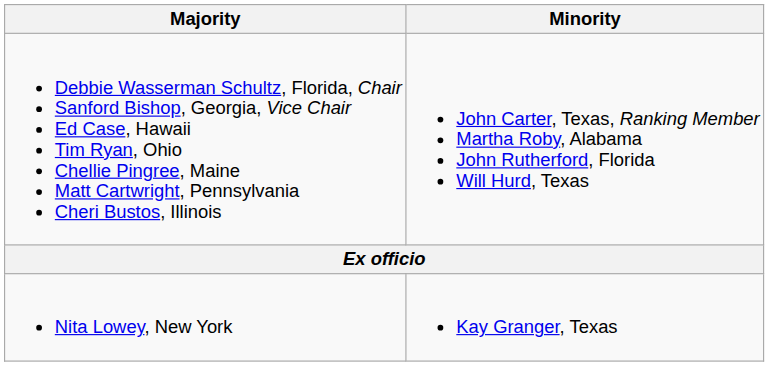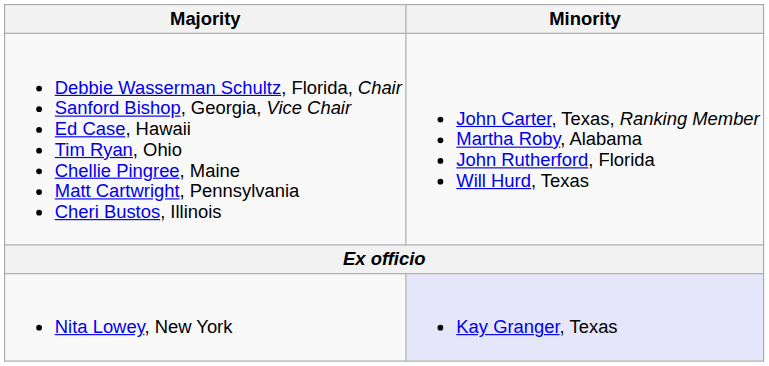 <table class=wikitable>
 <tr>
 <th>Majority</th>
 <th>Minority</th>
 </tr>
 <tr>
 <td><br><ul><li><a href='#'>Debbie Wasserman Schultz</a>, Florida, <em>Chair</em></li><li><a href='#'>Sanford Bishop</a>, Georgia, <em>Vice Chair</em></li><li><a href='#'>Ed Case</a>, Hawaii</li><li><a href='#'>Tim Ryan</a>, Ohio</li><li><a href='#'>Chellie Pingree</a>, Maine</li><li><a href='#'>Matt Cartwright</a>, Pennsylvania</li><li><a href='#'>Cheri Bustos</a>, Illinois</li></ul></td>
 <td><br><ul><li><a href='#'>John Carter</a>, Texas, <em>Ranking Member</em></li><li><a href='#'>Martha Roby</a>, Alabama</li><li><a href='#'>John Rutherford</a>, Florida</li><li><a href='#'>Will Hurd</a>, Texas</li></ul></td>
 </tr>
 <tr>
 <th colspan=2><em>Ex officio</em></th>
 </tr>
 <tr>
 <td><br><ul><li><a href='#'>Nita Lowey</a>, New York</li></ul></td>
-<td><br><ul><li><a href='#'>Kay Granger</a>, Texas</li></ul></td>
+<td style="background: lavender;"><br><ul><li><a href='#'>Kay Granger</a>, Texas</li></ul></td>
 </tr>
 </table>
